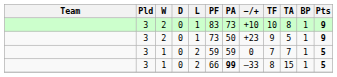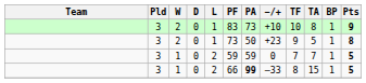 <table class="wikitable" style="text-align:center">
 <tr>
 <th width="200">Team</th>
 <th width="20">Pld</th>
 <th width="20">W</th>
 <th width="20">D</th>
 <th width="20">L</th>
 <th width="20">PF</th>
 <th width="20">PA</th>
 <th width="32">−/+</th>
 <th width="20">TF</th>
 <th width="20">TA</th>
 <th width="20">BP</th>
 <th width="20">Pts</th>
 </tr>
 <tr style="background:#ccffcc;">
 <td align="left"></td>
 <td>3</td>
 <td>2</td>
 <td>0</td>
 <td>1</td>
 <td>83</td>
 <td>73</td>
 <td>+10</td>
 <td>10</td>
 <td>8</td>
 <td>1</td>
 <td><strong>9</strong></td>
 </tr>
 <tr>
 <td align=left></td>
 <td>3</td>
 <td>2</td>
 <td>0</td>
 <td>1</td>
 <td>73</td>
 <td>50</td>
 <td>+23</td>
 <td>9</td>
 <td>5</td>
 <td>1</td>
-<td><strong>9</strong></td>
+<td><strong>8</strong></td>
 </tr>
 <tr>
 <td align=left></td>
 <td>3</td>
 <td>1</td>
 <td>0</td>
 <td>2</td>
 <td>59</td>
 <td>59</td>
 <td>0</td>
 <td>7</td>
 <td>7</td>
 <td>1</td>
 <td><strong>5</strong></td>
 </tr>
 <tr>
 <td align="left"></td>
 <td>3</td>
 <td>1</td>
 <td>0</td>
 <td>2</td>
 <td>66</td>
 <td><strong>99</strong></td>
 <td>–33</td>
 <td>8</td>
 <td>15</td>
 <td>1</td>
 <td><strong>5</strong></td>
 </tr>
 <tr>
 </tr>
 </table>
